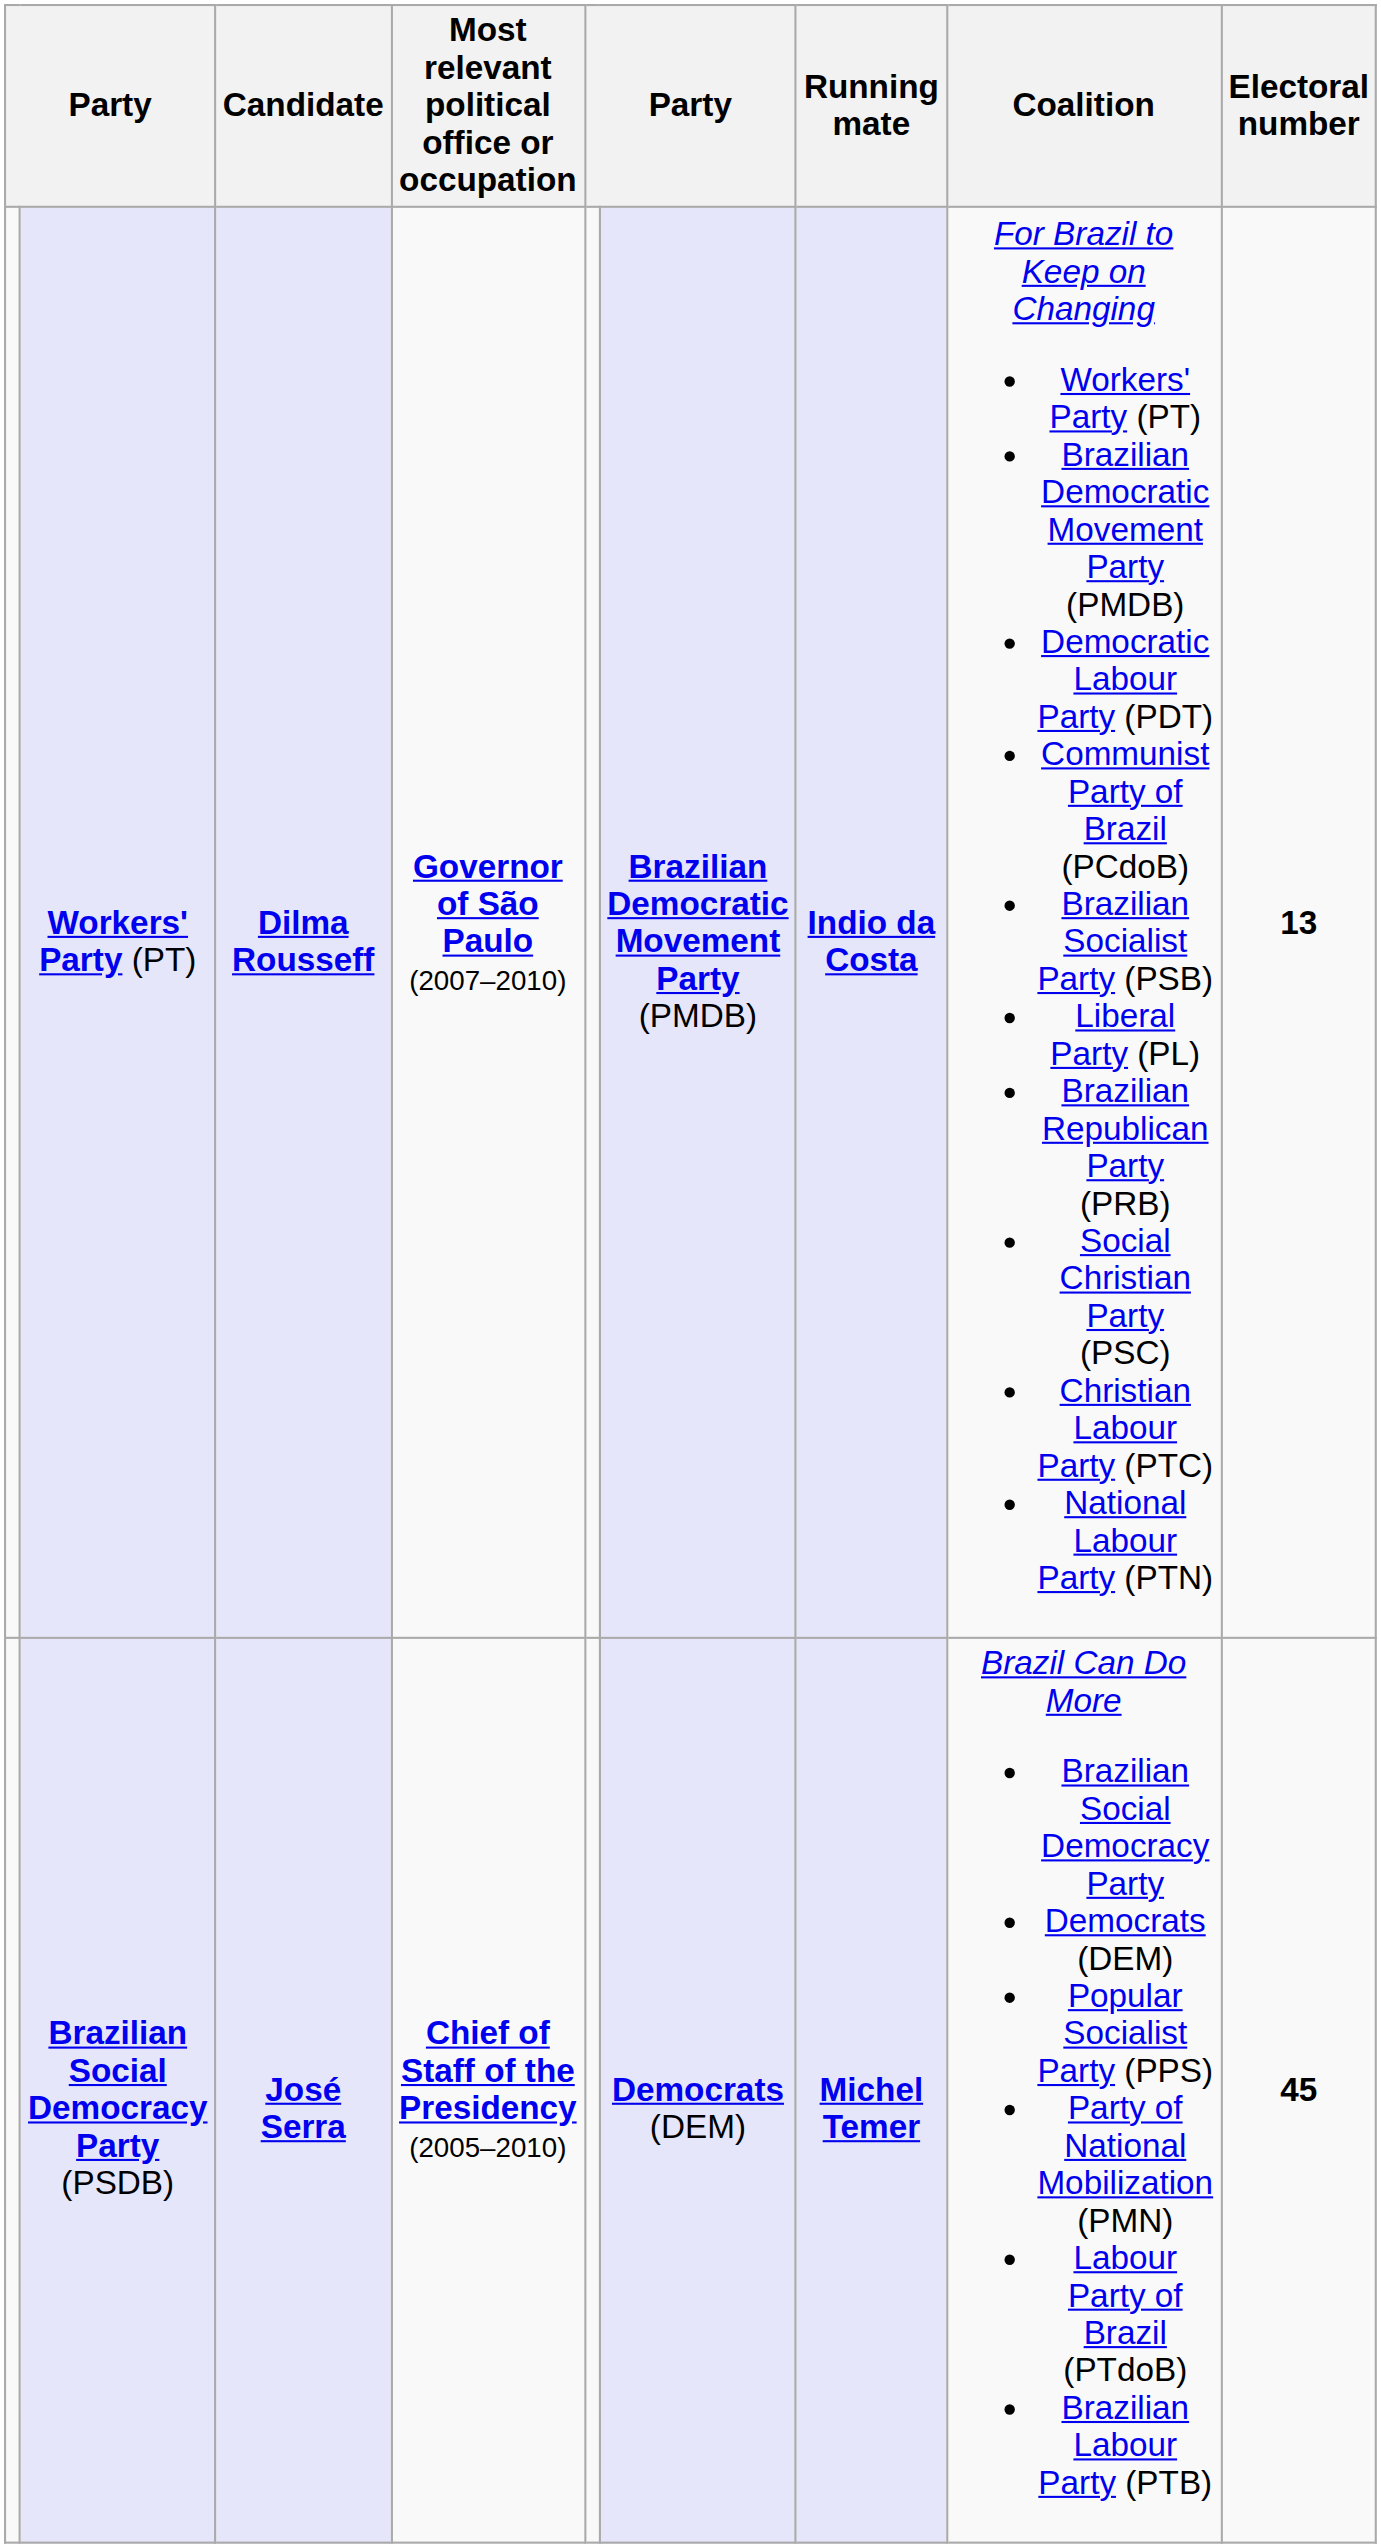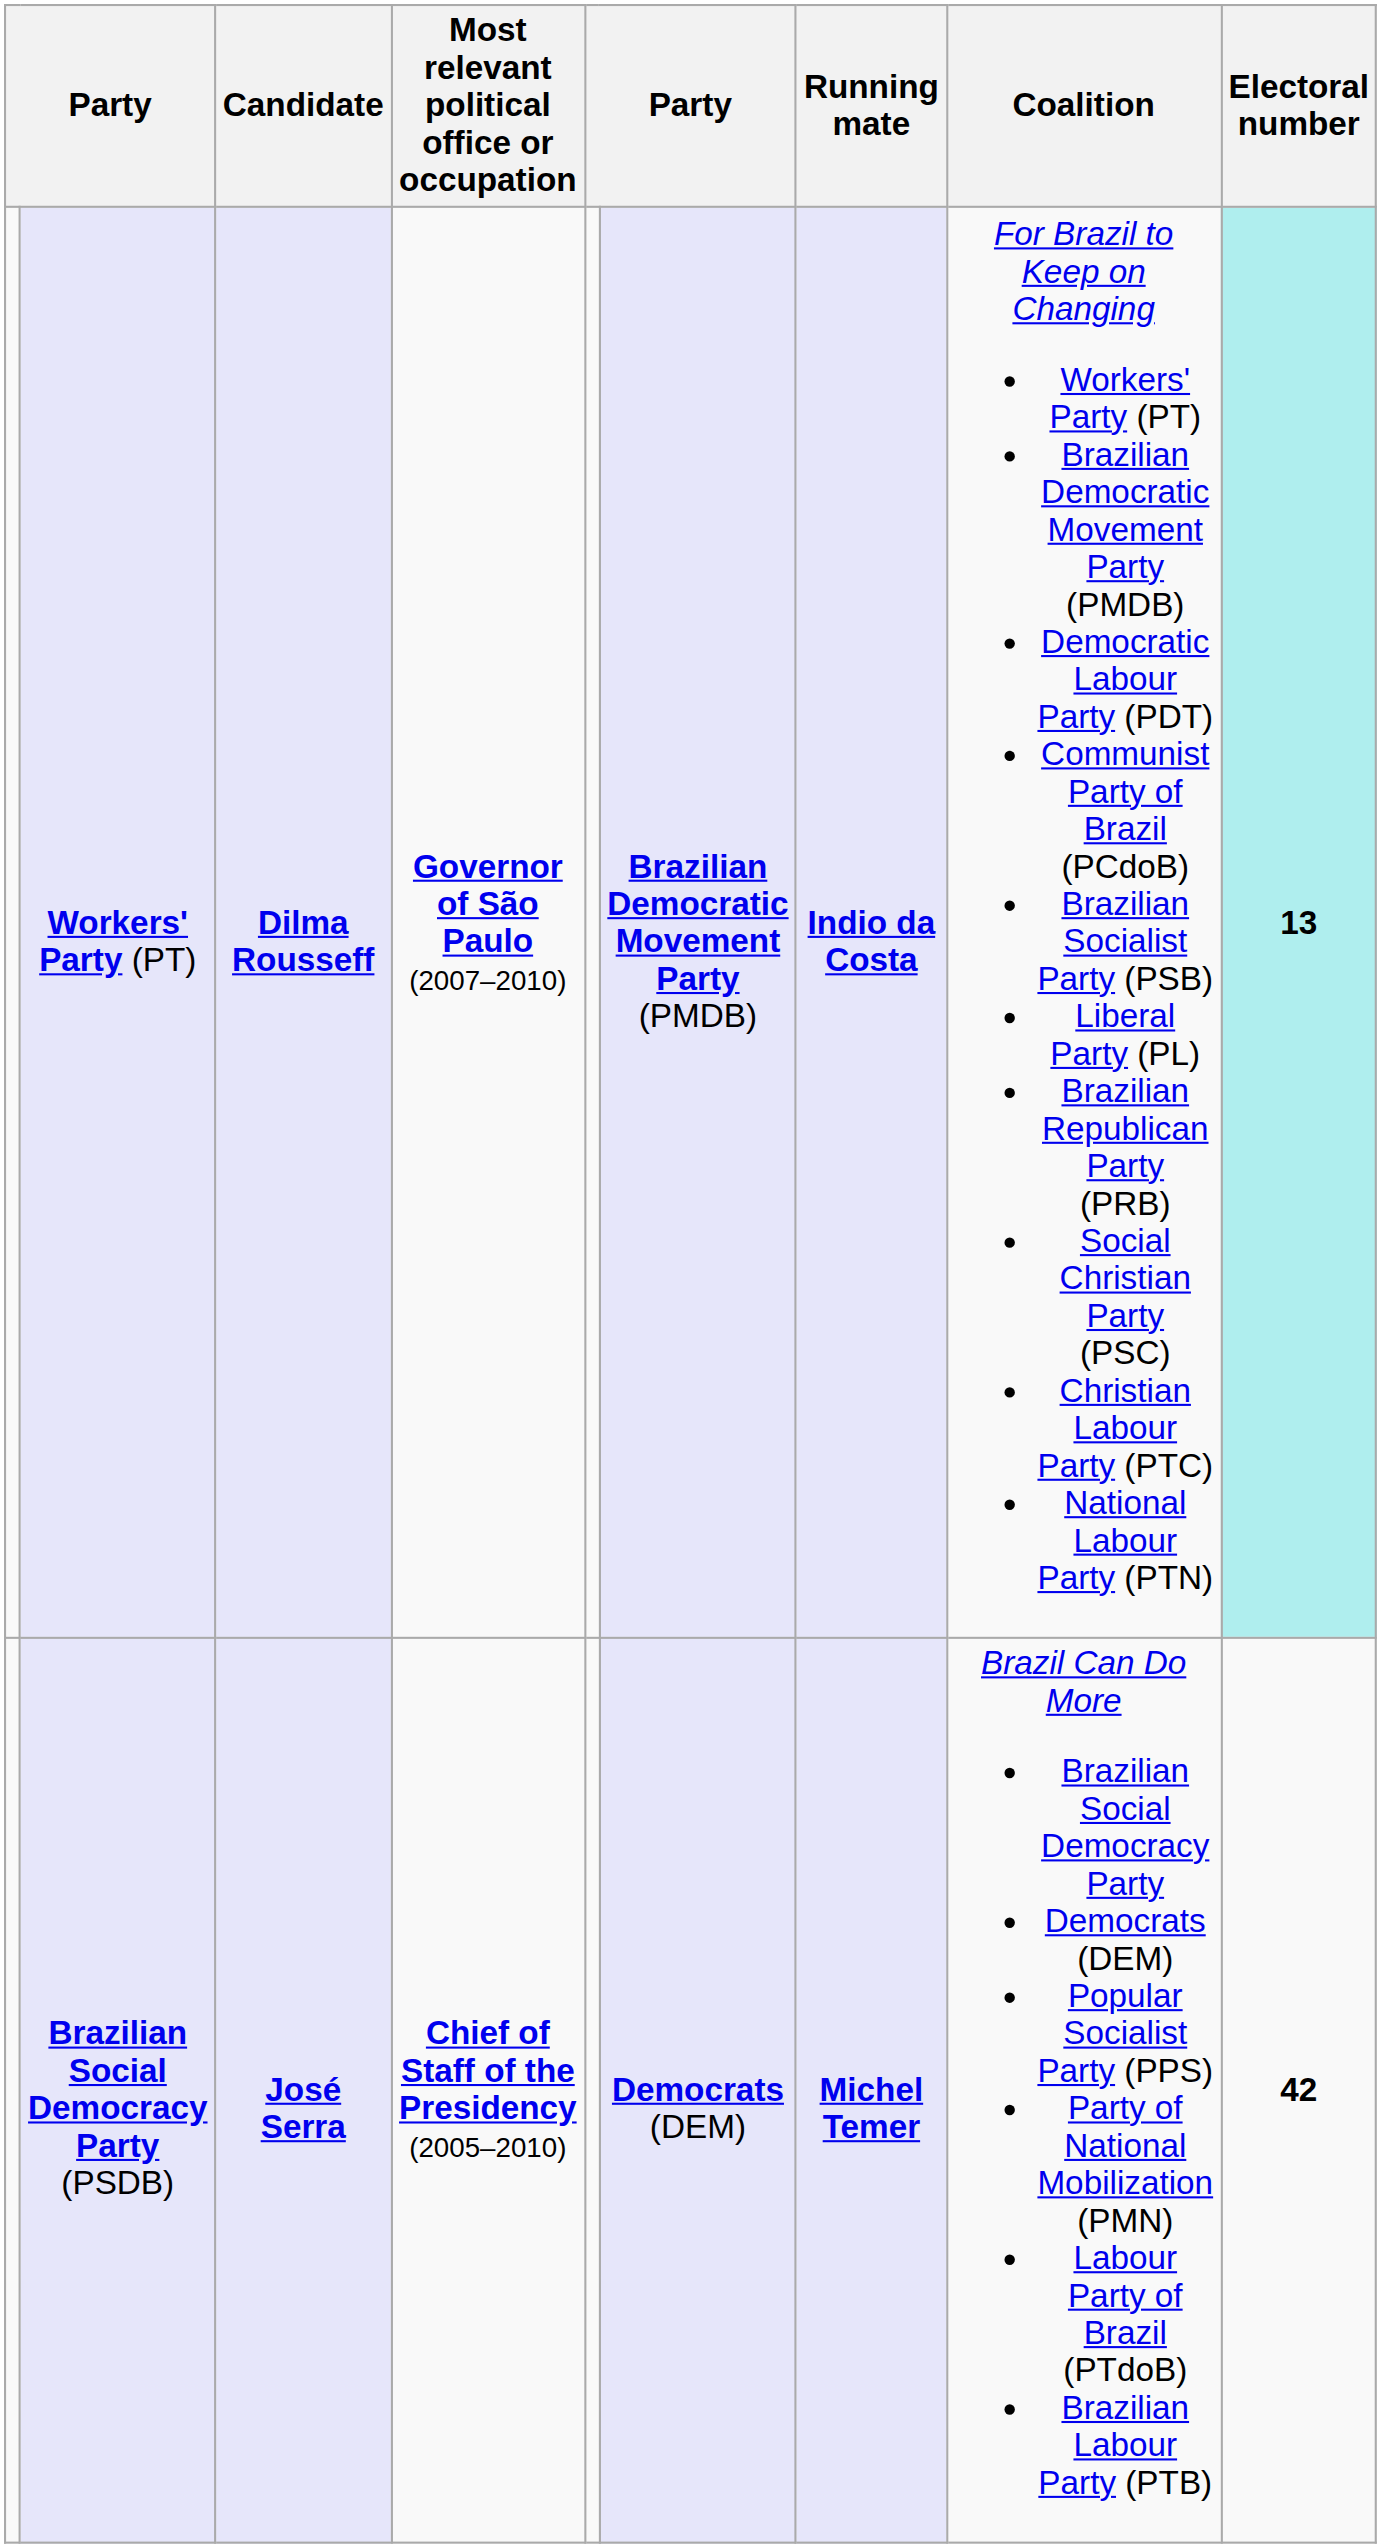 <table class="wikitable" style="text-align:center">
 <tr>
 <th colspan="2">Party</th>
 <th>Candidate</th>
 <th style="max-width:10em">Most relevant political office or occupation</th>
 <th colspan="2">Party</th>
 <th>Running mate</th>
 <th>Coalition</th>
 <th>Electoral number</th>
 </tr>
 <tr>
 <td style="background:"></td>
 <td style="background:lavender;" max-width:150px><br><strong><a href='#'>Workers' Party</a></strong> (PT)</td>
 <td style="background:lavender;" max-width:150px><br><strong><a href='#'>Dilma Rousseff</a></strong></td>
 <td style="max-width:10em"><strong><a href='#'>Governor of São Paulo</a></strong><br><small>(2007–2010)</small></td>
 <td style="background:"></td>
 <td style="background:lavender;" max-width:150px><br><strong><a href='#'>Brazilian Democratic Movement Party</a></strong> (PMDB)</td>
 <td style="background:lavender;" max-width:150px><br><strong><a href='#'>Indio da Costa</a></strong></td>
 <td><em><a href='#'>For Brazil to Keep on Changing</a></em><br><ul><li><a href='#'>Workers' Party</a> (PT)</li><li><a href='#'>Brazilian Democratic Movement Party</a> (PMDB)</li><li><a href='#'>Democratic Labour Party</a> (PDT)</li><li><a href='#'>Communist Party of Brazil</a> (PCdoB)</li><li><a href='#'>Brazilian Socialist Party</a> (PSB)</li><li><a href='#'>Liberal Party</a> (PL)</li><li><a href='#'>Brazilian Republican Party</a> (PRB)</li><li><a href='#'>Social Christian Party</a> (PSC)</li><li><a href='#'>Christian Labour Party</a> (PTC)</li><li><a href='#'>National Labour Party</a> (PTN)</li></ul></td>
-<td><strong>13</strong></td>
+<td style="background: paleturquoise;"><strong>13</strong></td>
 </tr>
 <tr>
 <td style="background:"></td>
 <td style="background:lavender;" max-width:150px><br><strong><a href='#'>Brazilian Social Democracy Party</a></strong> (PSDB)</td>
 <td style="background:lavender;" max-width:150px><br><strong><a href='#'>José Serra</a></strong></td>
 <td style="max-width:10em"><strong><a href='#'>Chief of Staff of the Presidency</a></strong><br><small>(2005–2010)</small></td>
 <td style="background:"></td>
 <td style="background:lavender;" max-width:150px><br><strong><a href='#'>Democrats</a></strong> (DEM)</td>
 <td style="background:lavender;" max-width:150px><br><strong><a href='#'>Michel Temer</a></strong></td>
 <td><em><a href='#'>Brazil Can Do More</a></em><br><ul><li><a href='#'>Brazilian Social Democracy Party</a></li><li><a href='#'>Democrats</a> (DEM)</li><li><a href='#'>Popular Socialist Party</a> (PPS)</li><li><a href='#'>Party of National Mobilization</a> (PMN)</li><li><a href='#'>Labour Party of Brazil</a> (PTdoB)</li><li><a href='#'>Brazilian Labour Party</a> (PTB)</li></ul></td>
-<td><strong>45</strong></td>
+<td><strong>42</strong></td>
 </tr>
 </table>
